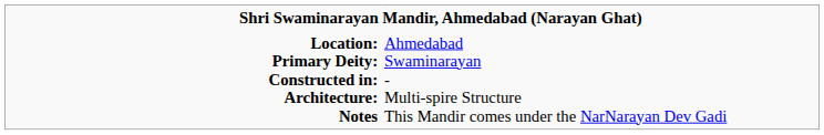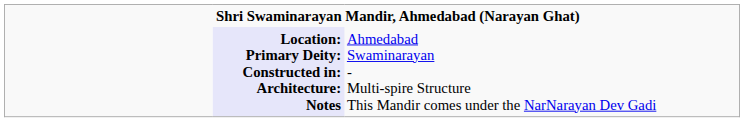 <table class="wikitable plain" border="0" width="800">
 <tr>
 <td width="220px" rowspan="2" style="border:none;"></td>
 <td valign="top" colspan=2 style="border:none;"><strong>Shri Swaminarayan Mandir, Ahmedabad (Narayan Ghat)</strong></td>
 </tr>
 <tr>
-<td valign="top" style="text-align:right; border:none;"><strong>Location:</strong> <br><strong>Primary Deity:</strong><br><strong>Constructed in:</strong><br><strong>Architecture:</strong><br><strong>Notes</strong></td>
+<td valign="top" style="background: lavender; text-align:right; border:none;"><strong>Location:</strong> <br><strong>Primary Deity:</strong><br><strong>Constructed in:</strong><br><strong>Architecture:</strong><br><strong>Notes</strong></td>
 <td valign="top" style="border:none;"><a href='#'>Ahmedabad</a> <br><a href='#'>Swaminarayan</a> <br>- <br>Multi-spire Structure <br>This Mandir comes under the <a href='#'>NarNarayan Dev Gadi</a></td>
 </tr>
 </table>
